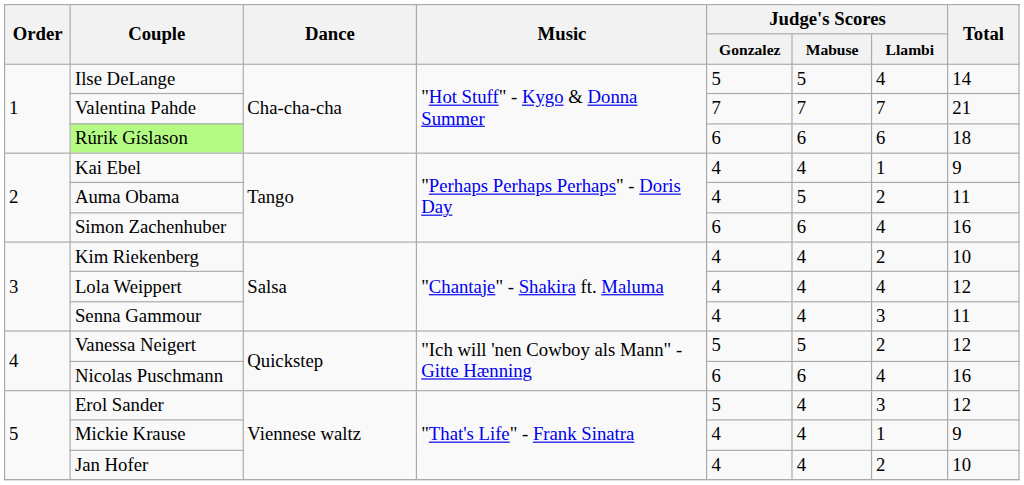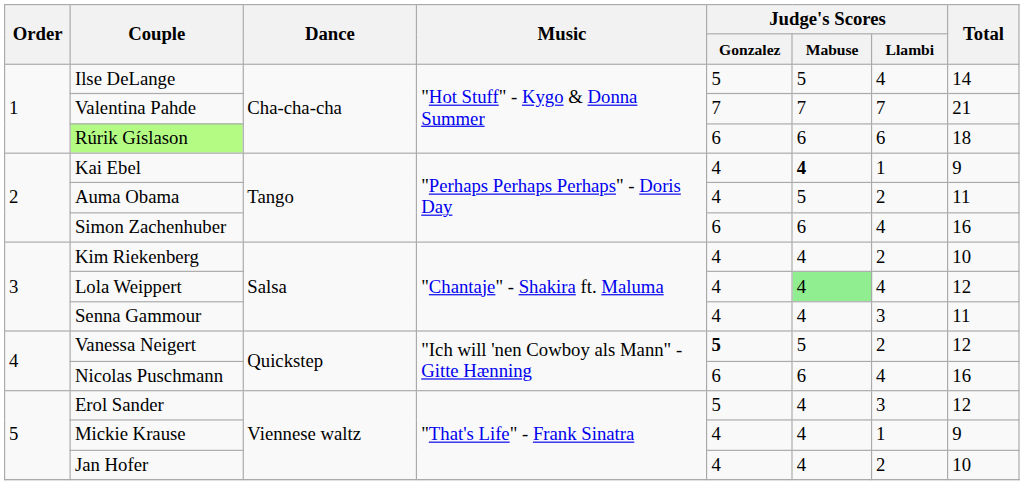 <table class="wikitable sortable center">
 <tr>
 <th rowspan="2" style="width: 4em">Order</th>
 <th rowspan="2" style="width: 17em">Couple</th>
 <th rowspan="2" style="width: 20em">Dance</th>
 <th rowspan="2" style="width: 40em">Music</th>
 <th colspan="3">Judge's Scores</th>
 <th rowspan="2" style="width: 6em">Total</th>
 </tr>
 <tr>
 <th style="width: 6em"><small>Gonzalez</small></th>
 <th style="width: 6em"><small>Mabuse</small></th>
 <th style="width: 6em"><small>Llambi</small></th>
 </tr>
 <tr>
 <td rowspan=3>1</td>
 <td>Ilse DeLange</td>
 <td rowspan=3>Cha-cha-cha</td>
 <td rowspan=3>"<a href='#'>Hot Stuff</a>" - <a href='#'>Kygo</a> & <a href='#'>Donna Summer</a></td>
 <td>5</td>
 <td>5</td>
 <td>4</td>
 <td>14</td>
 </tr>
 <tr>
 <td>Valentina Pahde</td>
 <td>7</td>
 <td>7</td>
 <td>7</td>
 <td>21</td>
 </tr>
 <tr>
 <td bgcolor="#B4FB84">Rúrik Gíslason</td>
 <td>6</td>
 <td>6</td>
 <td>6</td>
 <td>18</td>
 </tr>
 <tr>
 <td rowspan=3>2</td>
 <td>Kai Ebel</td>
 <td rowspan=3>Tango</td>
 <td rowspan=3>"<a href='#'>Perhaps Perhaps Perhaps</a>" - <a href='#'>Doris Day</a></td>
 <td>4</td>
-<td>4</td>
+<td><strong>4</strong></td>
 <td>1</td>
 <td>9</td>
 </tr>
 <tr>
 <td>Auma Obama</td>
 <td>4</td>
 <td>5</td>
 <td>2</td>
 <td>11</td>
 </tr>
 <tr>
 <td>Simon Zachenhuber</td>
 <td>6</td>
 <td>6</td>
 <td>4</td>
 <td>16</td>
 </tr>
 <tr>
 <td rowspan=3>3</td>
 <td>Kim Riekenberg</td>
 <td rowspan=3>Salsa</td>
 <td rowspan=3>"<a href='#'>Chantaje</a>" - <a href='#'>Shakira</a> ft. <a href='#'>Maluma</a></td>
 <td>4</td>
 <td>4</td>
 <td>2</td>
 <td>10</td>
 </tr>
 <tr>
 <td>Lola Weippert</td>
 <td>4</td>
-<td>4</td>
+<td style="background: lightgreen;">4</td>
 <td>4</td>
 <td>12</td>
 </tr>
 <tr>
 <td>Senna Gammour</td>
 <td>4</td>
 <td>4</td>
 <td>3</td>
 <td>11</td>
 </tr>
 <tr>
 <td rowspan=2>4</td>
 <td>Vanessa Neigert</td>
 <td rowspan=2>Quickstep</td>
 <td rowspan=2>"Ich will 'nen Cowboy als Mann" - <a href='#'>Gitte Hænning</a></td>
-<td>5</td>
+<td><strong>5</strong></td>
 <td>5</td>
 <td>2</td>
 <td>12</td>
 </tr>
 <tr>
 <td>Nicolas Puschmann</td>
 <td>6</td>
 <td>6</td>
 <td>4</td>
 <td>16</td>
 </tr>
 <tr>
 <td rowspan=3>5</td>
 <td>Erol Sander</td>
 <td rowspan=3>Viennese waltz</td>
 <td rowspan=3>"<a href='#'>That's Life</a>" - <a href='#'>Frank Sinatra</a></td>
 <td>5</td>
 <td>4</td>
 <td>3</td>
 <td>12</td>
 </tr>
 <tr>
 <td>Mickie Krause</td>
 <td>4</td>
 <td>4</td>
 <td>1</td>
 <td>9</td>
 </tr>
 <tr>
 <td>Jan Hofer</td>
 <td>4</td>
 <td>4</td>
 <td>2</td>
 <td>10</td>
 </tr>
 <tr>
 </tr>
 </table>
